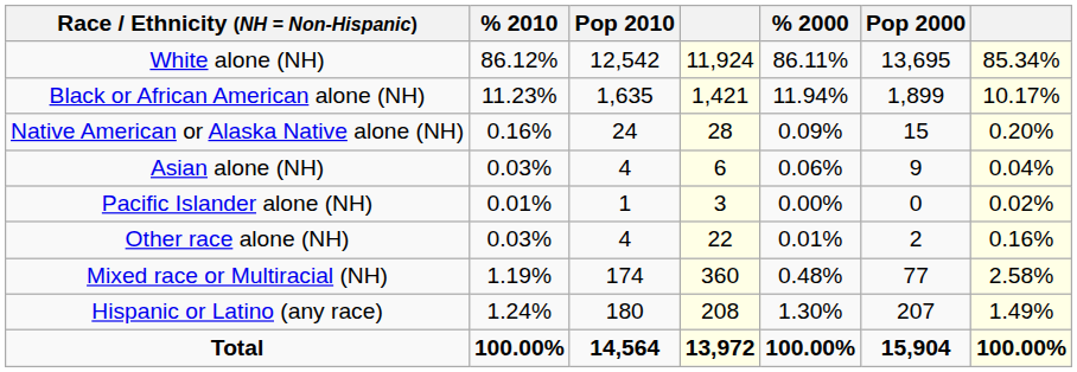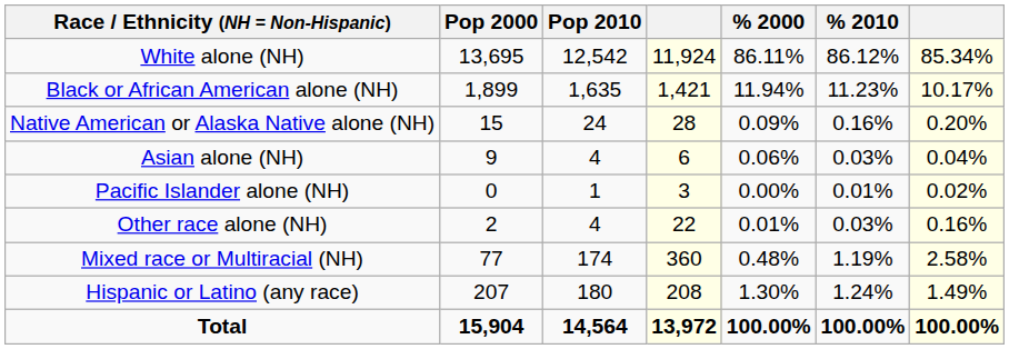 <table class="wikitable" style="text-align:center;">
 <tr>
 <th>Race / Ethnicity <small>(<em>NH = Non-Hispanic</em>)</small></th>
-<th>% 2010</th>
+<th>Pop 2000</th>
 <th>Pop 2010</th>
 <th></th>
 <th>% 2000</th>
-<th>Pop 2000</th>
+<th>% 2010</th>
 <th></th>
 </tr>
 <tr>
 <td><a href='#'>White</a> alone (NH)</td>
-<td>86.12%</td>
+<td>13,695</td>
 <td>12,542</td>
 <td style='background: #ffffe6;'>11,924</td>
 <td>86.11%</td>
-<td>13,695</td>
+<td>86.12%</td>
 <td style='background: #ffffe6;'>85.34%</td>
 </tr>
 <tr>
 <td><a href='#'>Black or African American</a> alone (NH)</td>
-<td>11.23%</td>
+<td>1,899</td>
 <td>1,635</td>
 <td style='background: #ffffe6;'>1,421</td>
 <td>11.94%</td>
-<td>1,899</td>
+<td>11.23%</td>
 <td style='background: #ffffe6;'>10.17%</td>
 </tr>
 <tr>
 <td><a href='#'>Native American</a> or <a href='#'>Alaska Native</a> alone (NH)</td>
-<td>0.16%</td>
+<td>15</td>
 <td>24</td>
 <td style='background: #ffffe6;'>28</td>
 <td>0.09%</td>
-<td>15</td>
+<td>0.16%</td>
 <td style='background: #ffffe6;'>0.20%</td>
 </tr>
 <tr>
 <td><a href='#'>Asian</a> alone (NH)</td>
-<td>0.03%</td>
+<td>9</td>
 <td>4</td>
 <td style='background: #ffffe6;'>6</td>
 <td>0.06%</td>
-<td>9</td>
+<td>0.03%</td>
 <td style='background: #ffffe6;'>0.04%</td>
 </tr>
 <tr>
 <td><a href='#'>Pacific Islander</a> alone (NH)</td>
-<td>0.01%</td>
+<td>0</td>
 <td>1</td>
 <td style='background: #ffffe6;'>3</td>
 <td>0.00%</td>
-<td>0</td>
+<td>0.01%</td>
 <td style='background: #ffffe6;'>0.02%</td>
 </tr>
 <tr>
 <td><a href='#'>Other race</a> alone (NH)</td>
-<td>0.03%</td>
+<td>2</td>
 <td>4</td>
 <td style='background: #ffffe6;'>22</td>
 <td>0.01%</td>
-<td>2</td>
+<td>0.03%</td>
 <td style='background: #ffffe6;'>0.16%</td>
 </tr>
 <tr>
 <td><a href='#'>Mixed race or Multiracial</a> (NH)</td>
-<td>1.19%</td>
+<td>77</td>
 <td>174</td>
 <td style='background: #ffffe6;'>360</td>
 <td>0.48%</td>
-<td>77</td>
+<td>1.19%</td>
 <td style='background: #ffffe6;'>2.58%</td>
 </tr>
 <tr>
 <td><a href='#'>Hispanic or Latino</a> (any race)</td>
-<td>1.24%</td>
+<td>207</td>
 <td>180</td>
 <td style='background: #ffffe6;'>208</td>
 <td>1.30%</td>
-<td>207</td>
+<td>1.24%</td>
 <td style='background: #ffffe6;'>1.49%</td>
 </tr>
 <tr>
 <td><strong>Total</strong></td>
-<td><strong>100.00%</strong></td>
+<td><strong>15,904</strong></td>
 <td><strong>14,564</strong></td>
 <td style='background: #ffffe6;'><strong>13,972</strong></td>
 <td><strong>100.00%</strong></td>
-<td><strong>15,904</strong></td>
+<td><strong>100.00%</strong></td>
 <td style='background: #ffffe6;'><strong>100.00%</strong></td>
 </tr>
 </table>
